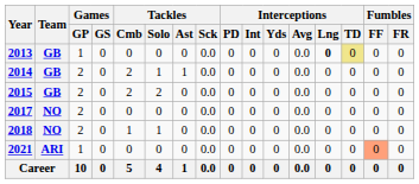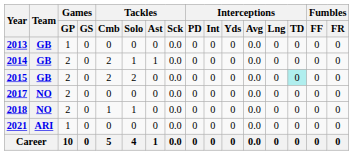 <table class="wikitable" style="text-align: center;">
 <tr>
 <th rowspan="2">Year</th>
 <th rowspan="2">Team</th>
 <th colspan="2">Games</th>
 <th colspan="4">Tackles</th>
 <th colspan="6">Interceptions</th>
 <th colspan="2">Fumbles</th>
 </tr>
 <tr>
 <th>GP</th>
 <th>GS</th>
 <th>Cmb</th>
 <th>Solo</th>
 <th>Ast</th>
 <th>Sck</th>
 <th>PD</th>
 <th>Int</th>
 <th>Yds</th>
 <th>Avg</th>
 <th>Lng</th>
 <th>TD</th>
 <th>FF</th>
 <th>FR</th>
 </tr>
 <tr>
 <th><a href='#'>2013</a></th>
 <th><a href='#'>GB</a></th>
 <td>1</td>
 <td>0</td>
 <td>0</td>
 <td>0</td>
 <td>0</td>
 <td>0.0</td>
 <td>0</td>
 <td>0</td>
 <td>0</td>
 <td>0.0</td>
-<td><strong>0</strong></td>
-<td style="background: khaki;">0</td>
+<td>0</td>
+<td>0</td>
 <td>0</td>
 <td>0</td>
 </tr>
 <tr>
 <th><a href='#'>2014</a></th>
 <th><a href='#'>GB</a></th>
 <td>2</td>
 <td>0</td>
 <td>2</td>
 <td>1</td>
 <td>1</td>
 <td>0.0</td>
 <td>0</td>
 <td>0</td>
 <td>0</td>
 <td>0.0</td>
 <td>0</td>
 <td>0</td>
 <td>0</td>
 <td>0</td>
 </tr>
 <tr>
 <th><a href='#'>2015</a></th>
 <th><a href='#'>GB</a></th>
 <td>2</td>
 <td>0</td>
 <td>2</td>
 <td>2</td>
 <td>0</td>
 <td>0.0</td>
 <td>0</td>
 <td>0</td>
 <td>0</td>
 <td>0.0</td>
 <td>0</td>
-<td>0</td>
+<td style="background: paleturquoise;">0</td>
 <td>0</td>
 <td>0</td>
 </tr>
 <tr>
 <th><a href='#'>2017</a></th>
 <th><a href='#'>NO</a></th>
 <td>2</td>
 <td>0</td>
 <td>0</td>
 <td>0</td>
 <td>0</td>
 <td>0.0</td>
 <td>0</td>
 <td>0</td>
 <td>0</td>
 <td>0.0</td>
 <td>0</td>
 <td>0</td>
 <td>0</td>
 <td>0</td>
 </tr>
 <tr>
 <th><a href='#'>2018</a></th>
 <th><a href='#'>NO</a></th>
 <td>2</td>
 <td>0</td>
 <td>1</td>
 <td>1</td>
 <td>0</td>
 <td>0.0</td>
 <td>0</td>
 <td>0</td>
 <td>0</td>
 <td>0.0</td>
 <td>0</td>
 <td>0</td>
 <td>0</td>
 <td>0</td>
 </tr>
 <tr>
 <th><a href='#'>2021</a></th>
 <th><a href='#'>ARI</a></th>
 <td>1</td>
 <td>0</td>
 <td>0</td>
 <td>0</td>
 <td>0</td>
 <td>0.0</td>
 <td>0</td>
 <td>0</td>
 <td>0</td>
 <td>0.0</td>
 <td>0</td>
 <td>0</td>
-<td style="background: lightsalmon;">0</td>
+<td>0</td>
 <td>0</td>
 </tr>
 <tr>
 <th colspan="2">Career</th>
 <th>10</th>
 <th>0</th>
 <th>5</th>
 <th>4</th>
 <th>1</th>
 <th>0.0</th>
 <th>0</th>
 <th>0</th>
 <th>0</th>
 <th>0.0</th>
 <th>0</th>
 <th>0</th>
 <th>0</th>
 <th>0</th>
 </tr>
 </table>
